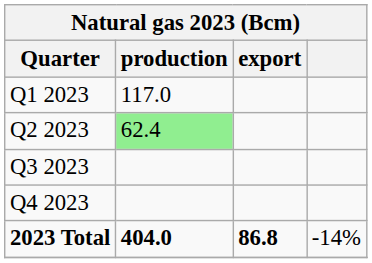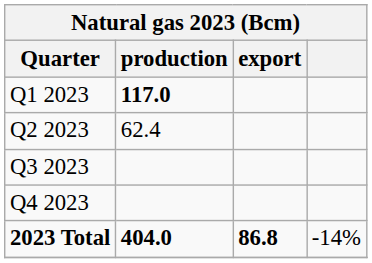 <table class="wikitable">
 <tr>
 <th colspan=4>Natural gas 2023 (Bcm)</th>
 </tr>
 <tr>
 <th scope="col">Quarter</th>
 <th scope="col">production</th>
 <th scope="col">export</th>
 <th></th>
 </tr>
 <tr>
 <td>Q1 2023</td>
-<td>117.0</td>
+<td><strong>117.0</strong></td>
 <td></td>
 <td></td>
 </tr>
 <tr>
 <td>Q2 2023</td>
-<td style="background: lightgreen;">62.4</td>
+<td>62.4</td>
 <td></td>
 <td></td>
 </tr>
 <tr>
 <td>Q3 2023</td>
 <td></td>
 <td></td>
 <td></td>
 </tr>
 <tr>
 <td>Q4 2023</td>
 <td></td>
 <td></td>
 <td></td>
 </tr>
 <tr>
 <td><strong>2023 Total</strong></td>
 <td><strong>404.0</strong></td>
 <td><strong>86.8</strong> </td>
 <td>-14%</td>
 </tr>
 <tr>
 </tr>
 </table>
